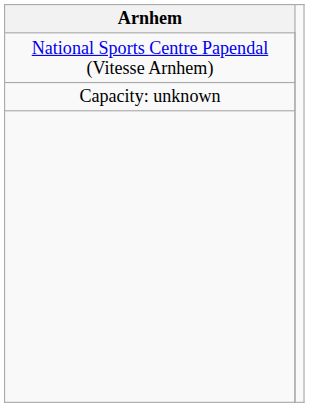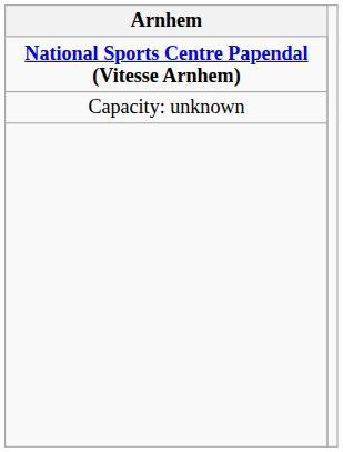 <table class="wikitable" style="text-align:center">
 <tr>
 <th colspan="2">Arnhem</th>
 <td rowspan=4></td>
 </tr>
 <tr>
-<td><a href='#'>National Sports Centre Papendal</a><br>(Vitesse Arnhem)</td>
+<td><strong><a href='#'>National Sports Centre Papendal</a><br>(Vitesse Arnhem)</strong></td>
 </tr>
 <tr>
 <td>Capacity: unknown</td>
 </tr>
 <tr>
 <td height=250px width=250px></td>
 </tr>
 </table>
